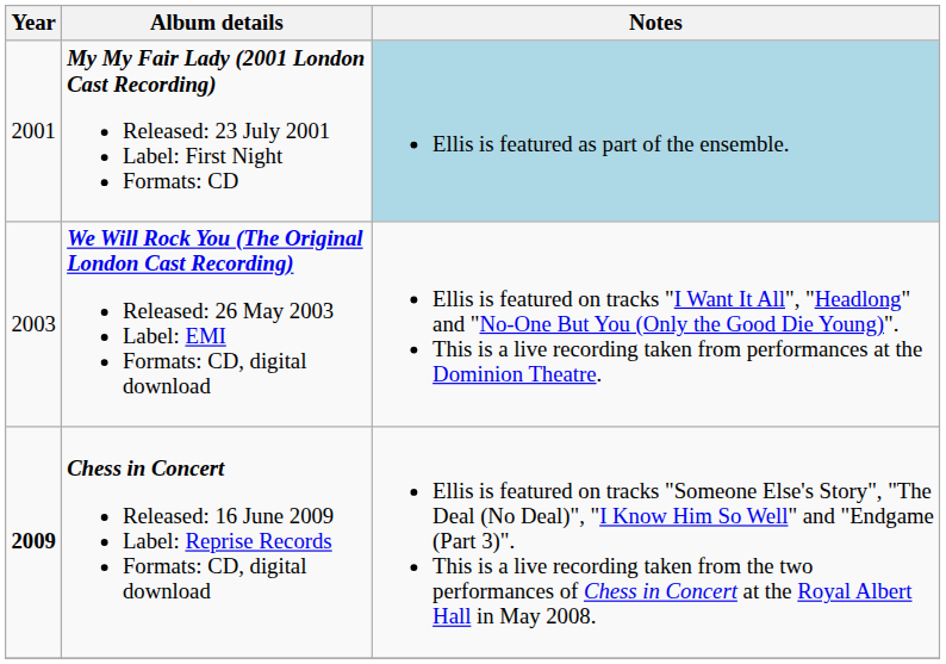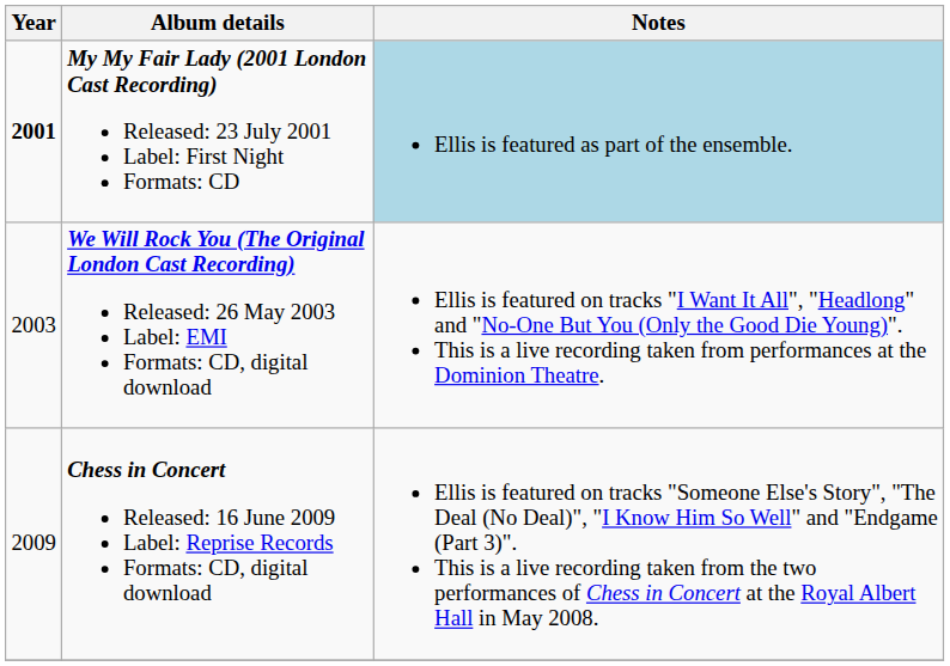 <table class="wikitable">
 <tr>
 <th width="33">Year</th>
 <th width="215">Album details</th>
 <th width="400">Notes</th>
 </tr>
 <tr>
-<td align="center">2001</td>
+<td align="center"><strong>2001</strong></td>
 <td><strong><em>My My Fair Lady (2001 London Cast Recording)</em></strong><br><ul><li>Released: 23 July 2001</li><li>Label: First Night</li><li>Formats: CD</li></ul></td>
 <td style="background: lightblue;"><br><ul><li>Ellis is featured as part of the ensemble.</li></ul></td>
 </tr>
 <tr>
 <td align="center">2003</td>
 <td><strong><em><a href='#'>We Will Rock You (The Original London Cast Recording)</a></em></strong><br><ul><li>Released: 26 May 2003</li><li>Label: <a href='#'>EMI</a></li><li>Formats: CD, digital download</li></ul></td>
 <td><br><ul><li>Ellis is featured on tracks "<a href='#'>I Want It All</a>", "<a href='#'>Headlong</a>" and "<a href='#'>No-One But You (Only the Good Die Young)</a>".</li><li>This is a live recording taken from performances at the <a href='#'>Dominion Theatre</a>.</li></ul></td>
 </tr>
 <tr>
-<td align="center"><strong>2009</strong></td>
+<td align="center">2009</td>
 <td><strong><em>Chess in Concert</em></strong><br><ul><li>Released: 16 June 2009</li><li>Label: <a href='#'>Reprise Records</a></li><li>Formats: CD, digital download</li></ul></td>
 <td><br><ul><li>Ellis is featured on tracks "Someone Else's Story", "The Deal (No Deal)", "<a href='#'>I Know Him So Well</a>" and "Endgame (Part 3)".</li><li>This is a live recording taken from the two performances of <em><a href='#'>Chess in Concert</a></em> at the <a href='#'>Royal Albert Hall</a> in May 2008.</li></ul></td>
 </tr>
 <tr>
 </tr>
 </table>
